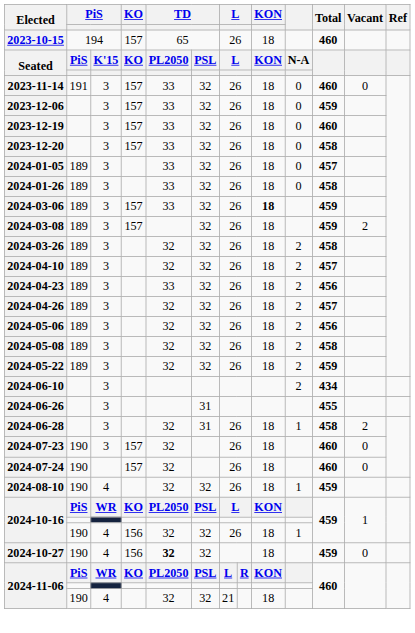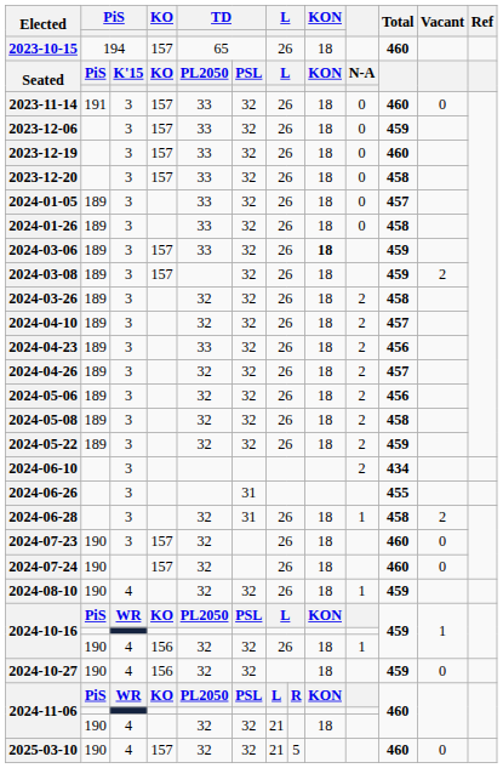 <table class="wikitable mw-collapsible mw-collapsed" style="font-size: 95%; text-align: center;">
 <tr>
 <th rowspan="2" style="vertical-align:bottom;">Elected</th>
 <th colspan="2"><a href='#'>PiS</a></th>
 <th><a href='#'>KO</a></th>
 <th colspan="2"><a href='#'>TD</a></th>
 <th colspan="2"><a href='#'>L</a></th>
 <th><a href='#'>KON</a></th>
 <th rowspan="2"></th>
 <th rowspan="2">Total</th>
 <th rowspan="2">Vacant</th>
 <th rowspan="2">Ref</th>
 </tr>
 <tr>
 <th colspan="2" style="background:"></th>
 <th style="background:"></th>
 <th colspan="2" style="background:"></th>
 <th colspan="2" style="background:"></th>
 <th style="background:"></th>
 </tr>
 <tr>
 <th><a href='#'>2023-10-15</a></th>
 <td colspan="2">194</td>
 <td>157</td>
 <td colspan="2">65</td>
 <td colspan="2">26</td>
 <td>18</td>
 <td></td>
 <td><strong>460</strong></td>
 <td></td>
 </tr>
 <tr>
 <th rowspan="2" style="vertical-align:bottom;">Seated</th>
 <th><a href='#'>PiS</a></th>
 <th><a href='#'>K'15</a></th>
 <th><a href='#'>KO</a></th>
 <th><a href='#'>PL2050</a></th>
 <th><a href='#'>PSL</a></th>
 <th colspan="2"><a href='#'>L</a></th>
 <th><a href='#'>KON</a></th>
 <th>N-A</th>
 <th rowspan="2"></th>
 <th rowspan="2"></th>
 <th rowspan="2"></th>
 </tr>
 <tr>
 <th style="background:"></th>
 <th style="background:"></th>
 <th style="background:"></th>
 <th style="background:"></th>
 <th style="background:"></th>
 <th colspan="2" style="background:"></th>
 <th style="background:"></th>
 <th style="background:"></th>
 </tr>
 <tr>
 <th>2023-11-14</th>
 <td>191</td>
 <td>3</td>
 <td>157</td>
 <td>33</td>
 <td>32</td>
 <td colspan="2">26</td>
 <td>18</td>
 <td>0</td>
 <td><strong>460</strong></td>
 <td>0</td>
 </tr>
 <tr>
 <th>2023-12-06</th>
 <td></td>
 <td>3</td>
 <td>157</td>
 <td>33</td>
 <td>32</td>
 <td colspan="2">26</td>
 <td>18</td>
 <td>0</td>
 <td><strong>459</strong></td>
 <td></td>
 </tr>
 <tr>
 <th>2023-12-19</th>
 <td></td>
 <td>3</td>
 <td>157</td>
 <td>33</td>
 <td>32</td>
 <td colspan="2">26</td>
 <td>18</td>
 <td>0</td>
 <td><strong>460</strong></td>
 <td></td>
 </tr>
 <tr>
 <th>2023-12-20</th>
 <td></td>
 <td>3</td>
 <td>157</td>
 <td>33</td>
 <td>32</td>
 <td colspan="2">26</td>
 <td>18</td>
 <td>0</td>
 <td><strong>458</strong></td>
 <td></td>
 </tr>
 <tr>
 <th>2024-01-05</th>
 <td>189</td>
 <td>3</td>
 <td></td>
 <td>33</td>
 <td>32</td>
 <td colspan="2">26</td>
 <td>18</td>
 <td>0</td>
 <td><strong>457</strong></td>
 <td></td>
 </tr>
 <tr>
 <th>2024-01-26</th>
 <td>189</td>
 <td>3</td>
 <td></td>
 <td>33</td>
 <td>32</td>
 <td colspan="2">26</td>
 <td>18</td>
 <td>0</td>
 <td><strong>458</strong></td>
 <td></td>
 </tr>
 <tr>
 <th>2024-03-06</th>
 <td>189</td>
 <td>3</td>
 <td>157</td>
 <td>33</td>
 <td>32</td>
 <td colspan="2">26</td>
 <td><strong>18</strong></td>
 <td></td>
 <td><strong>459</strong></td>
 <td></td>
 </tr>
 <tr>
 <th>2024-03-08</th>
 <td>189</td>
 <td>3</td>
 <td>157</td>
 <td></td>
 <td>32</td>
 <td colspan="2">26</td>
 <td>18</td>
 <td></td>
 <td><strong>459</strong></td>
 <td>2</td>
 </tr>
 <tr>
 <th>2024-03-26</th>
 <td>189</td>
 <td>3</td>
 <td></td>
 <td>32</td>
 <td>32</td>
 <td colspan="2">26</td>
 <td>18</td>
 <td>2</td>
 <td><strong>458</strong></td>
 <td></td>
 </tr>
 <tr>
 <th>2024-04-10</th>
 <td>189</td>
 <td>3</td>
 <td></td>
 <td>32</td>
 <td>32</td>
 <td colspan="2">26</td>
 <td>18</td>
 <td>2</td>
 <td><strong>457</strong></td>
 <td></td>
 </tr>
 <tr>
 <th>2024-04-23</th>
 <td>189</td>
 <td>3</td>
 <td></td>
 <td>33</td>
 <td>32</td>
 <td colspan="2">26</td>
 <td>18</td>
 <td>2</td>
 <td><strong>456</strong></td>
 <td></td>
 </tr>
 <tr>
 <th>2024-04-26</th>
 <td>189</td>
 <td>3</td>
 <td></td>
 <td>32</td>
 <td>32</td>
 <td colspan="2">26</td>
 <td>18</td>
 <td>2</td>
 <td><strong>457</strong></td>
 <td></td>
 </tr>
 <tr>
 <th>2024-05-06</th>
 <td>189</td>
 <td>3</td>
 <td></td>
 <td>32</td>
 <td>32</td>
 <td colspan="2">26</td>
 <td>18</td>
 <td>2</td>
 <td><strong>456</strong></td>
 <td></td>
 </tr>
 <tr>
 <th>2024-05-08</th>
 <td>189</td>
 <td>3</td>
 <td></td>
 <td>32</td>
 <td>32</td>
 <td colspan="2">26</td>
 <td>18</td>
 <td>2</td>
 <td><strong>458</strong></td>
 <td></td>
 </tr>
 <tr>
 <th>2024-05-22</th>
 <td>189</td>
 <td>3</td>
 <td></td>
 <td>32</td>
 <td>32</td>
 <td colspan="2">26</td>
 <td>18</td>
 <td>2</td>
 <td><strong>459</strong></td>
 <td></td>
 </tr>
 <tr>
 <th>2024-06-10</th>
 <td></td>
 <td>3</td>
 <td></td>
 <td></td>
 <td></td>
 <td colspan="2"></td>
 <td></td>
 <td>2</td>
 <td><strong>434</strong></td>
 <td></td>
 <td></td>
 </tr>
 <tr>
 <th>2024-06-26</th>
 <td></td>
 <td>3</td>
 <td></td>
 <td></td>
 <td>31</td>
 <td colspan="2"></td>
 <td></td>
 <td></td>
 <td><strong>455</strong></td>
 <td></td>
 <td></td>
 </tr>
 <tr>
 <th>2024-06-28</th>
 <td></td>
 <td>3</td>
 <td></td>
 <td>32</td>
 <td>31</td>
 <td colspan="2">26</td>
 <td>18</td>
 <td>1</td>
 <td><strong>458</strong></td>
 <td>2 </td>
 </tr>
 <tr>
 <th>2024-07-23</th>
 <td>190</td>
 <td>3</td>
 <td>157</td>
 <td>32</td>
 <td></td>
 <td colspan="2">26</td>
 <td>18</td>
 <td></td>
 <td><strong>460</strong></td>
 <td>0</td>
 </tr>
 <tr>
 <th>2024-07-24</th>
 <td>190</td>
 <td></td>
 <td>157</td>
 <td>32</td>
 <td></td>
 <td colspan="2">26</td>
 <td>18</td>
 <td></td>
 <td><strong>460</strong></td>
 <td>0</td>
 </tr>
 <tr>
 <th>2024-08-10</th>
 <td>190</td>
 <td>4</td>
 <td></td>
 <td>32</td>
 <td>32</td>
 <td colspan="2">26</td>
 <td>18</td>
 <td>1</td>
 <td><strong>459</strong></td>
 <td></td>
 <td></td>
 </tr>
 <tr>
 <th rowspan="3">2024-10-16</th>
 <th><a href='#'>PiS</a></th>
 <th><a href='#'>WR</a></th>
 <th><a href='#'>KO</a></th>
 <th><a href='#'>PL2050</a></th>
 <th><a href='#'>PSL</a></th>
 <th colspan="2"><a href='#'>L</a></th>
 <th><a href='#'>KON</a></th>
 <th></th>
 <td rowspan="3"><strong>459</strong></td>
 <td rowspan="3">1</td>
 <td rowspan="3"></td>
 </tr>
 <tr>
 <td style="background: "></td>
 <td style="background: #15233F;"></td>
 <td style="background: "></td>
 <td style="background: "></td>
 <td style="background: "></td>
 <td colspan="2" style="background: "></td>
 <td style="background: "></td>
 <td style="background: "></td>
 </tr>
 <tr>
 <td>190</td>
 <td>4</td>
 <td>156</td>
 <td>32</td>
 <td>32</td>
 <td colspan="2">26</td>
 <td>18</td>
 <td>1</td>
 </tr>
 <tr>
 <th>2024-10-27</th>
 <td>190</td>
 <td>4</td>
 <td>156</td>
-<td><strong>32</strong></td>
+<td>32</td>
 <td>32</td>
 <td colspan="2"></td>
 <td>18</td>
 <td></td>
 <td><strong>459</strong></td>
 <td>0</td>
 <td></td>
 </tr>
 <tr>
 <th rowspan="3">2024-11-06</th>
 <th><a href='#'>PiS</a></th>
 <th><a href='#'>WR</a></th>
 <th><a href='#'>KO</a></th>
 <th><a href='#'>PL2050</a></th>
 <th><a href='#'>PSL</a></th>
 <th><a href='#'>L</a></th>
 <th><a href='#'>R</a></th>
 <th><a href='#'>KON</a></th>
 <th></th>
 <td rowspan="3"><strong>460</strong></td>
 <td rowspan="3"></td>
 <td rowspan="3"></td>
 </tr>
 <tr>
 <td style="background: "></td>
 <td style="background: #15233F;"></td>
 <td style="background: "></td>
 <td style="background: "></td>
 <td style="background: "></td>
 <td style="background: "></td>
 <td style="background: "></td>
 <td style="background: "></td>
 <td style="background: "></td>
 </tr>
 <tr>
 <td>190</td>
 <td>4</td>
 <td></td>
 <td>32</td>
 <td>32</td>
 <td>21</td>
 <td></td>
 <td>18</td>
 <td></td>
 </tr>
+<tr>
+<th>2025-03-10</th>
+<td>190</td>
+<td>4</td>
+<td>157</td>
+<td>32</td>
+<td>32</td>
+<td>21</td>
+<td>5</td>
+<td></td>
+<td></td>
+<td><strong>460</strong></td>
+<td>0</td>
+<td></td>
+</tr>
 </table>
